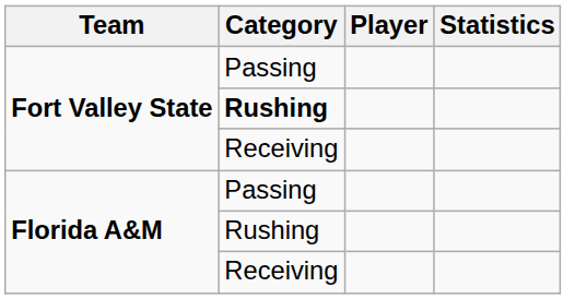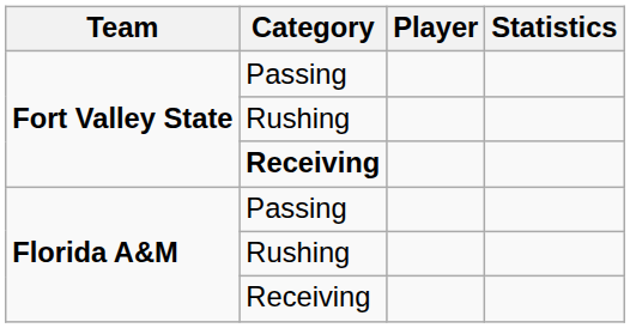 <table class="wikitable" style="float: left;">
 <tr>
 <th>Team</th>
 <th>Category</th>
 <th>Player</th>
 <th>Statistics</th>
 </tr>
 <tr>
 <td rowspan=3><strong>Fort Valley State</strong></td>
 <td>Passing</td>
 <td> </td>
 <td> </td>
 </tr>
 <tr>
-<td><strong>Rushing</strong></td>
+<td>Rushing</td>
 <td> </td>
 <td> </td>
 </tr>
 <tr>
-<td>Receiving</td>
+<td><strong>Receiving</strong></td>
 <td> </td>
 <td> </td>
 </tr>
 <tr>
 <td rowspan=3><strong>Florida A&M</strong></td>
 <td>Passing</td>
 <td> </td>
 <td> </td>
 </tr>
 <tr>
 <td>Rushing</td>
 <td> </td>
 <td> </td>
 </tr>
 <tr>
 <td>Receiving</td>
 <td> </td>
 <td> </td>
 </tr>
 </table>
